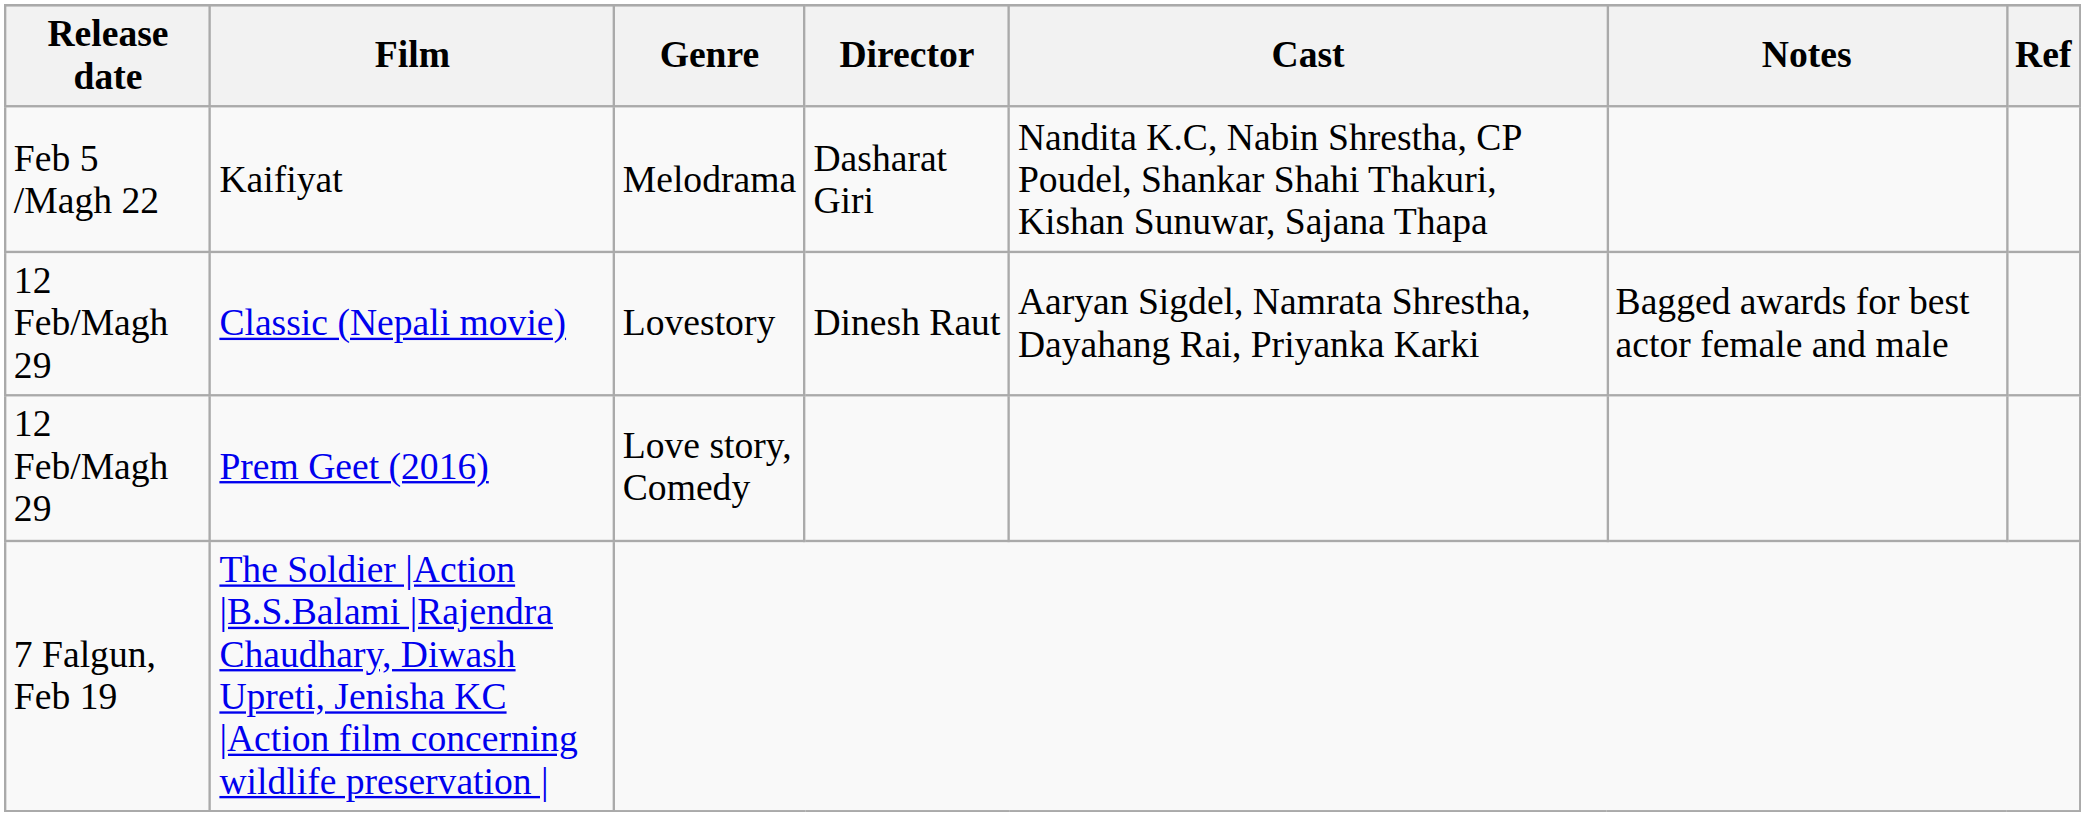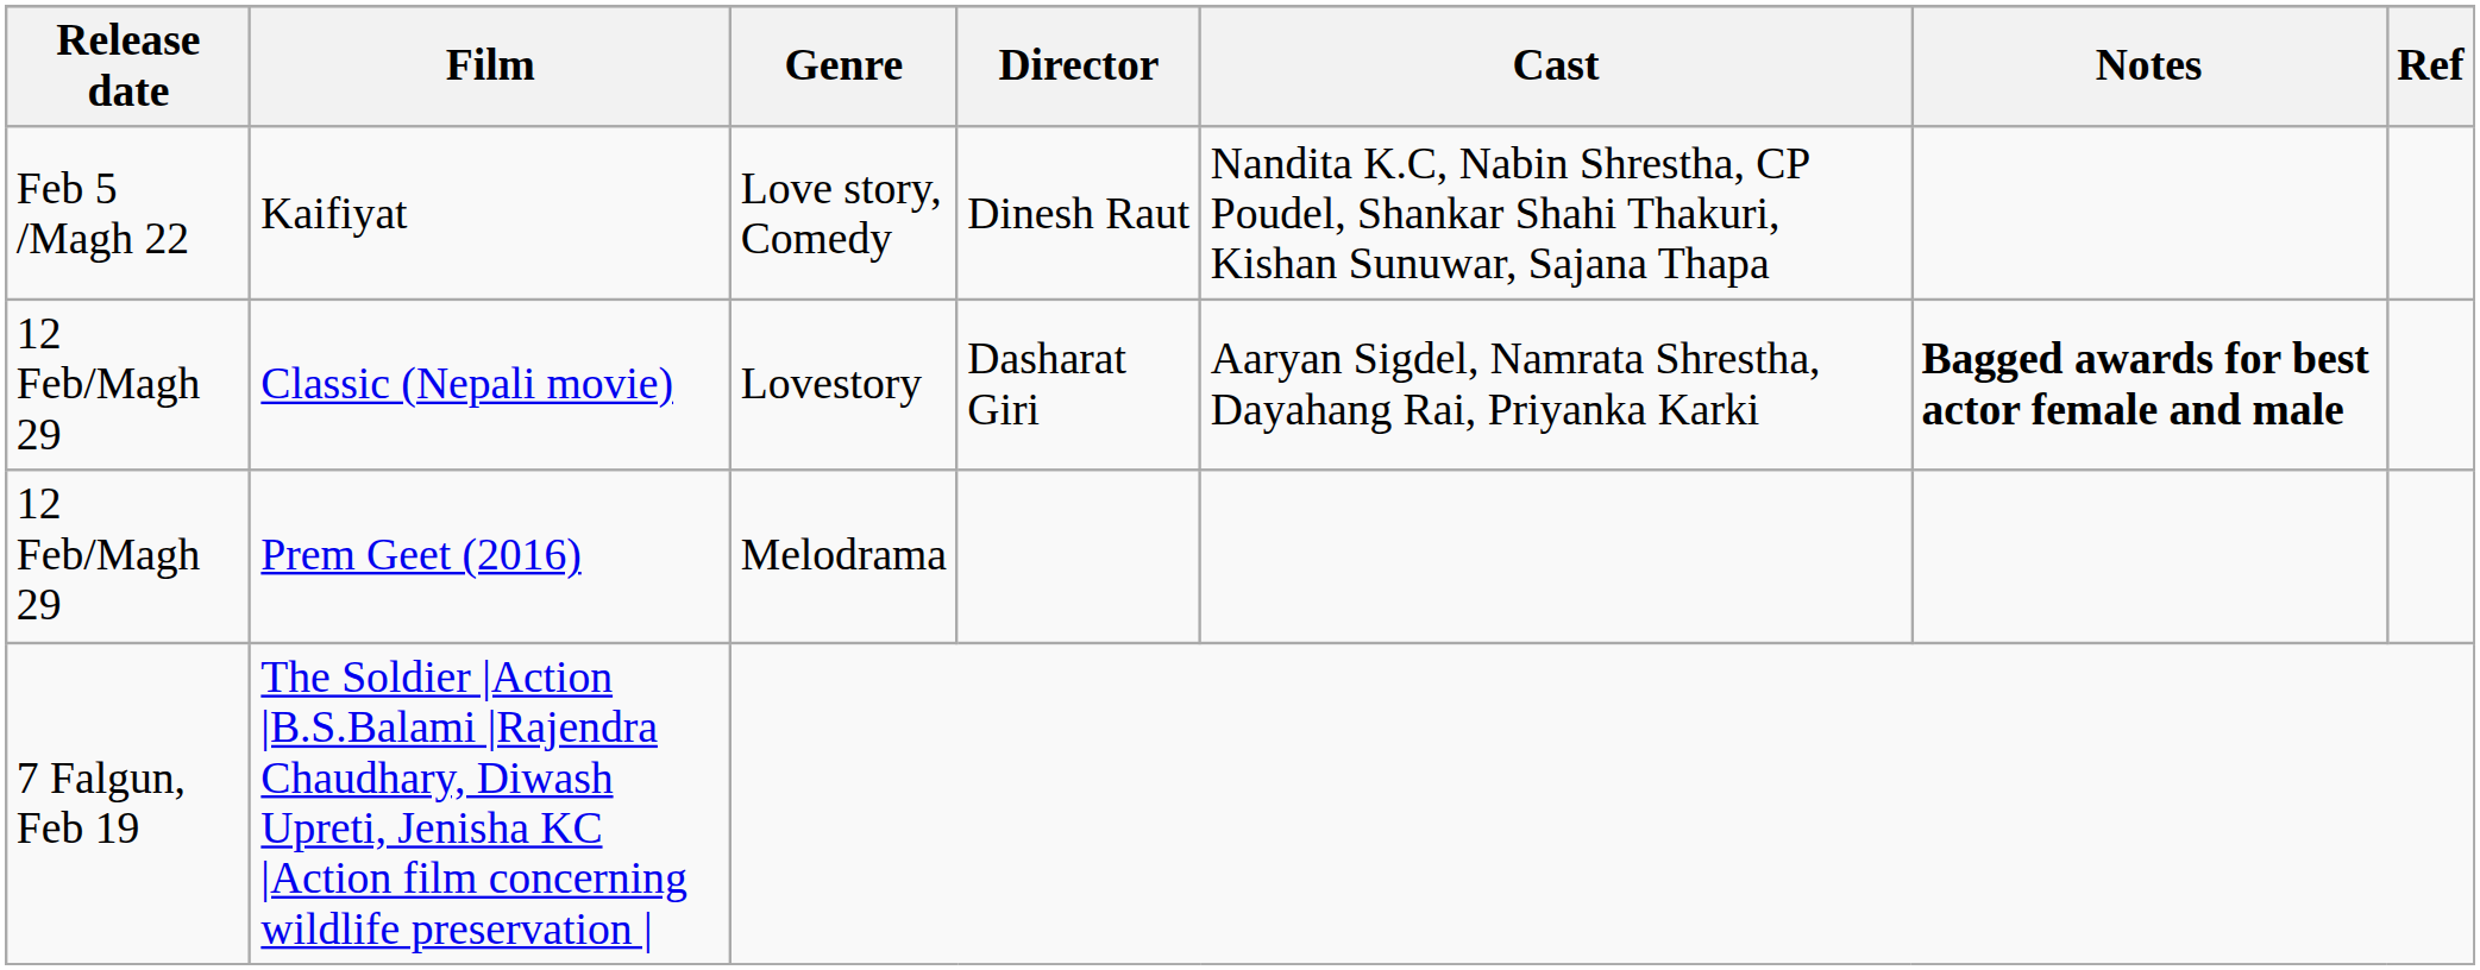 <table class="wikitable sortable" style="width:100%">
 <tr shor>
 </tr>
 <tr>
 <th style="width:10%;">Release date</th>
 <th style="width:20%;">Film</th>
 <th !style="width:10%;">Genre</th>
 <th style="width:10%;">Director</th>
 <th style="width:30%;">Cast</th>
 <th style="width:20%;">Notes</th>
 <th style="width:2%;">Ref</th>
 </tr>
 <tr>
 <td>Feb 5 /Magh 22</td>
 <td>Kaifiyat</td>
-<td>Melodrama</td>
-<td>Dasharat Giri</td>
+<td>Love story, Comedy</td>
+<td>Dinesh Raut</td>
 <td>Nandita K.C, Nabin Shrestha, CP Poudel, Shankar Shahi Thakuri, Kishan Sunuwar, Sajana Thapa</td>
 <td></td>
 <td></td>
 </tr>
 <tr>
 <td>12 Feb/Magh 29</td>
 <td><a href='#'>Classic (Nepali movie)</a></td>
 <td>Lovestory</td>
-<td>Dinesh Raut</td>
+<td>Dasharat Giri</td>
 <td>Aaryan Sigdel, Namrata Shrestha, Dayahang Rai, Priyanka Karki</td>
-<td>Bagged awards for best actor female and male</td>
+<td><strong>Bagged awards for best actor female and male</strong></td>
 <td></td>
 </tr>
 <tr>
 <td>12 Feb/Magh 29</td>
 <td><a href='#'>Prem Geet (2016)</a></td>
-<td>Love story, Comedy</td>
+<td>Melodrama</td>
 <td></td>
 <td></td>
 <td></td>
 <td></td>
 </tr>
 <tr>
 <td>7 Falgun, Feb 19</td>
 <td><a href='#'>The Soldier |Action |B.S.Balami |Rajendra Chaudhary, Diwash Upreti, Jenisha KC |Action film concerning wildlife preservation |</a></td>
 </tr>
 <tr>
 </tr>
 </table>
